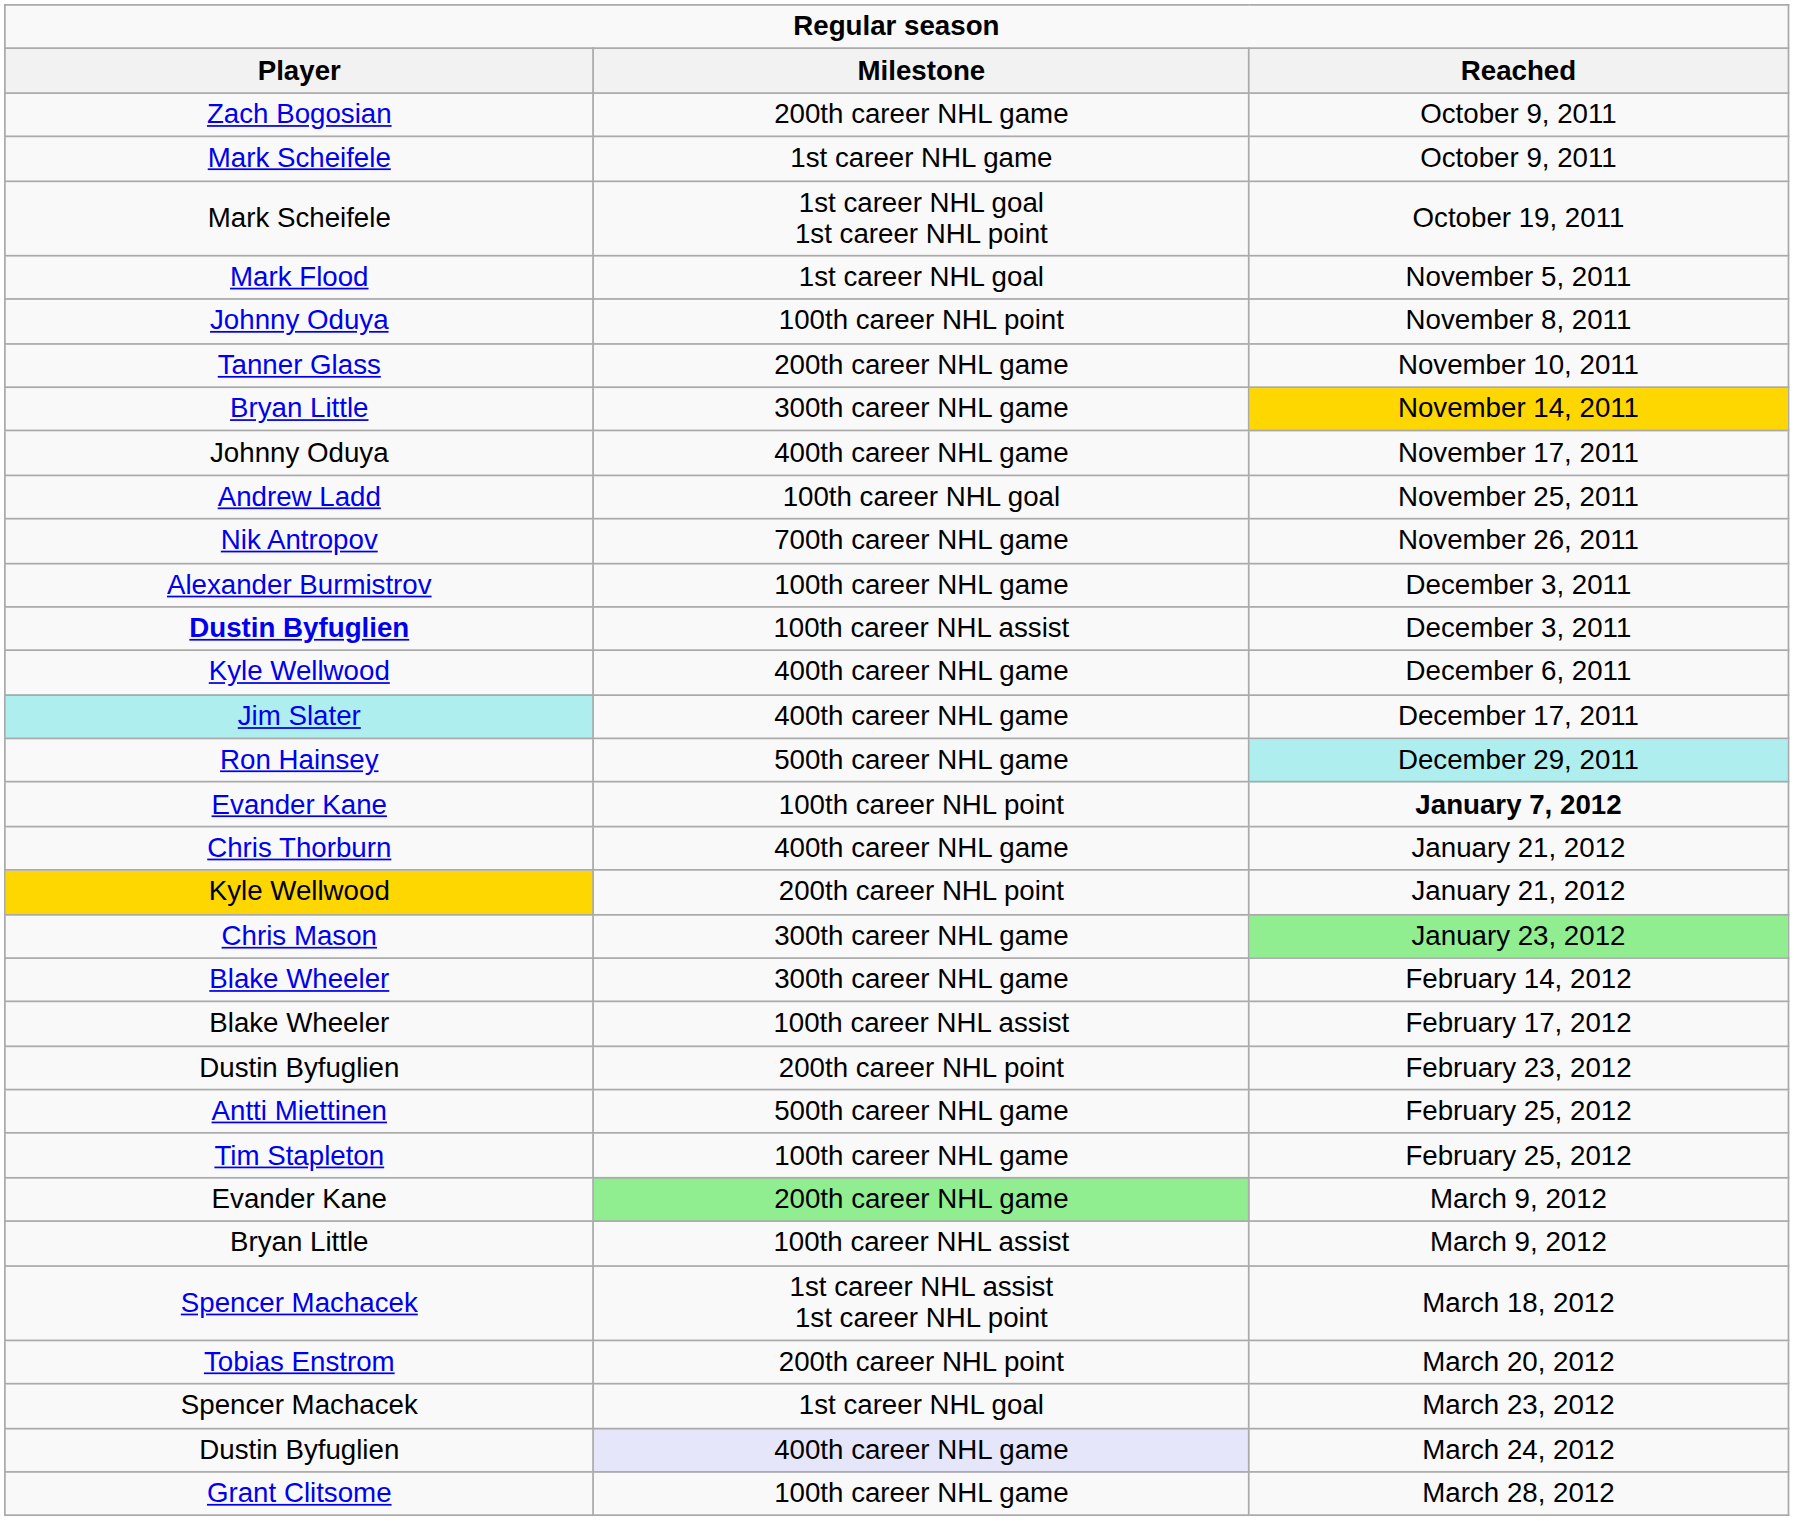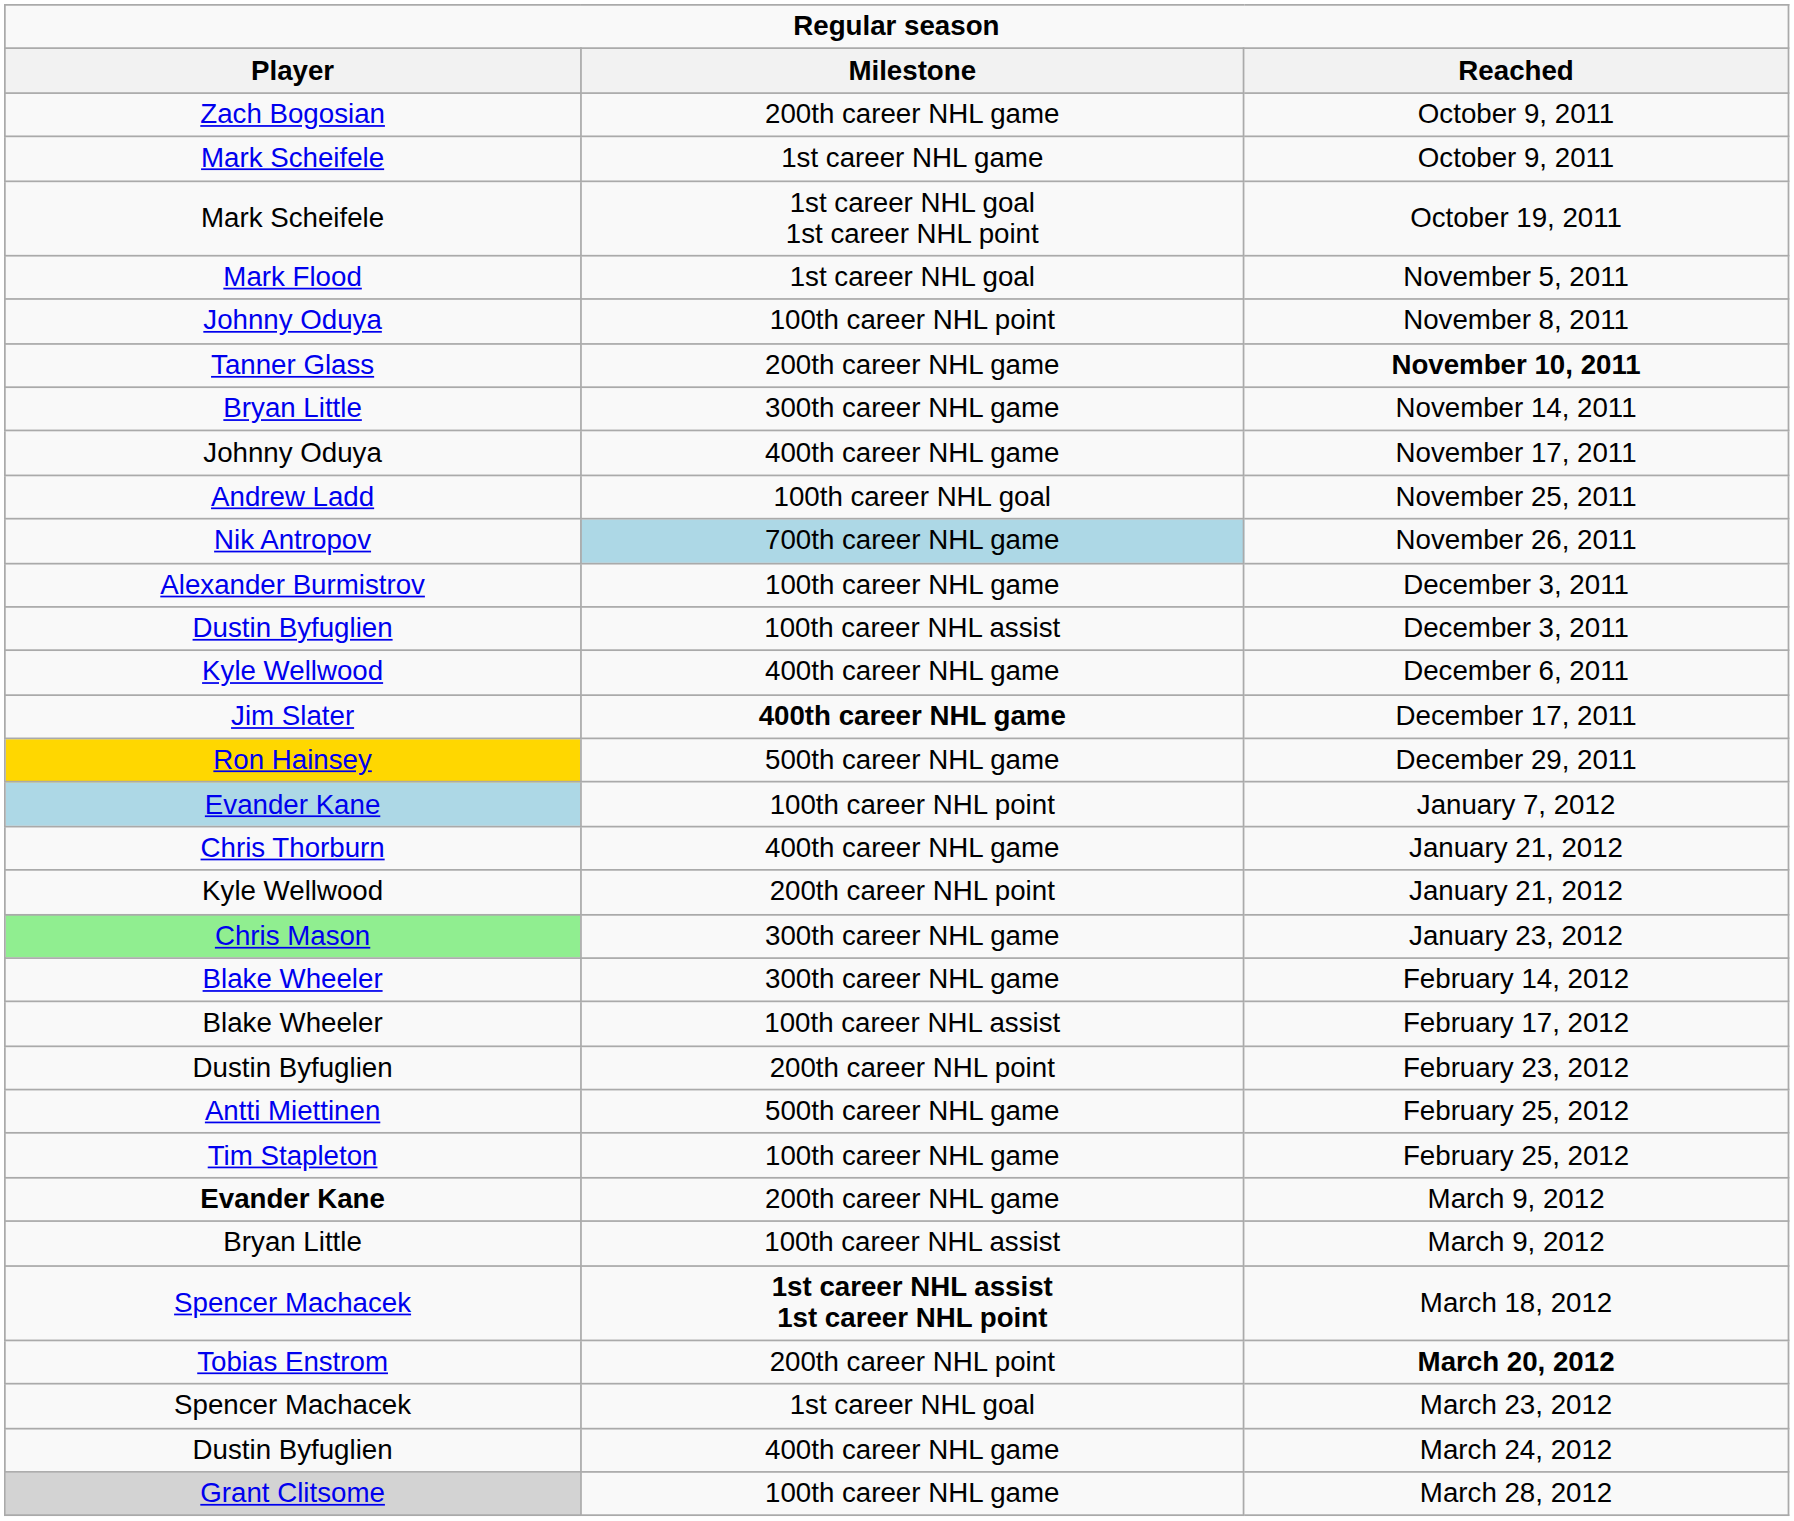 <table class="wikitable" width="52%" style="text-align:center">
 <tr>
 <td colspan="10" align="center"><strong>Regular season</strong></td>
 </tr>
 <tr>
 <th>Player</th>
 <th>Milestone</th>
 <th>Reached</th>
 </tr>
 <tr>
 <td><a href='#'>Zach Bogosian</a></td>
 <td>200th career NHL game</td>
 <td>October 9, 2011</td>
 </tr>
 <tr>
 <td><a href='#'>Mark Scheifele</a></td>
 <td>1st career NHL game</td>
 <td>October 9, 2011</td>
 </tr>
 <tr>
 <td>Mark Scheifele</td>
 <td>1st career NHL goal<br>1st career NHL point</td>
 <td>October 19, 2011</td>
 </tr>
 <tr>
 <td><a href='#'>Mark Flood</a></td>
 <td>1st career NHL goal</td>
 <td>November 5, 2011</td>
 </tr>
 <tr>
 <td><a href='#'>Johnny Oduya</a></td>
 <td>100th career NHL point</td>
 <td>November 8, 2011</td>
 </tr>
 <tr>
 <td><a href='#'>Tanner Glass</a></td>
 <td>200th career NHL game</td>
-<td>November 10, 2011</td>
+<td><strong>November 10, 2011</strong></td>
 </tr>
 <tr>
 <td><a href='#'>Bryan Little</a></td>
 <td>300th career NHL game</td>
-<td style="background: gold;">November 14, 2011</td>
+<td>November 14, 2011</td>
 </tr>
 <tr>
 <td>Johnny Oduya</td>
 <td>400th career NHL game</td>
 <td>November 17, 2011</td>
 </tr>
 <tr>
 <td><a href='#'>Andrew Ladd</a></td>
 <td>100th career NHL goal</td>
 <td>November 25, 2011</td>
 </tr>
 <tr>
 <td><a href='#'>Nik Antropov</a></td>
-<td>700th career NHL game</td>
+<td style="background: lightblue;">700th career NHL game</td>
 <td>November 26, 2011</td>
 </tr>
 <tr>
 <td><a href='#'>Alexander Burmistrov</a></td>
 <td>100th career NHL game</td>
 <td>December 3, 2011</td>
 </tr>
 <tr>
-<td><strong><a href='#'>Dustin Byfuglien</a></strong></td>
+<td><a href='#'>Dustin Byfuglien</a></td>
 <td>100th career NHL assist</td>
 <td>December 3, 2011</td>
 </tr>
 <tr>
 <td><a href='#'>Kyle Wellwood</a></td>
 <td>400th career NHL game</td>
 <td>December 6, 2011</td>
 </tr>
 <tr>
-<td style="background: paleturquoise;"><a href='#'>Jim Slater</a></td>
-<td>400th career NHL game</td>
+<td><a href='#'>Jim Slater</a></td>
+<td><strong>400th career NHL game</strong></td>
 <td>December 17, 2011</td>
 </tr>
 <tr>
-<td><a href='#'>Ron Hainsey</a></td>
+<td style="background: gold;"><a href='#'>Ron Hainsey</a></td>
 <td>500th career NHL game</td>
-<td style="background: paleturquoise;">December 29, 2011</td>
+<td>December 29, 2011</td>
 </tr>
 <tr>
-<td><a href='#'>Evander Kane</a></td>
+<td style="background: lightblue;"><a href='#'>Evander Kane</a></td>
 <td>100th career NHL point</td>
-<td><strong>January 7, 2012</strong></td>
+<td>January 7, 2012</td>
 </tr>
 <tr>
 <td><a href='#'>Chris Thorburn</a></td>
 <td>400th career NHL game</td>
 <td>January 21, 2012</td>
 </tr>
 <tr>
-<td style="background: gold;">Kyle Wellwood</td>
+<td>Kyle Wellwood</td>
 <td>200th career NHL point</td>
 <td>January 21, 2012</td>
 </tr>
 <tr>
-<td><a href='#'>Chris Mason</a></td>
+<td style="background: lightgreen;"><a href='#'>Chris Mason</a></td>
 <td>300th career NHL game</td>
-<td style="background: lightgreen;">January 23, 2012</td>
+<td>January 23, 2012</td>
 </tr>
 <tr>
 <td><a href='#'>Blake Wheeler</a></td>
 <td>300th career NHL game</td>
 <td>February 14, 2012</td>
 </tr>
 <tr>
 <td>Blake Wheeler</td>
 <td>100th career NHL assist</td>
 <td>February 17, 2012</td>
 </tr>
 <tr>
 <td>Dustin Byfuglien</td>
 <td>200th career NHL point</td>
 <td>February 23, 2012</td>
 </tr>
 <tr>
 <td><a href='#'>Antti Miettinen</a></td>
 <td>500th career NHL game</td>
 <td>February 25, 2012</td>
 </tr>
 <tr>
 <td><a href='#'>Tim Stapleton</a></td>
 <td>100th career NHL game</td>
 <td>February 25, 2012</td>
 </tr>
 <tr>
-<td>Evander Kane</td>
-<td style="background: lightgreen;">200th career NHL game</td>
+<td><strong>Evander Kane</strong></td>
+<td>200th career NHL game</td>
 <td>March 9, 2012</td>
 </tr>
 <tr>
 <td>Bryan Little</td>
 <td>100th career NHL assist</td>
 <td>March 9, 2012</td>
 </tr>
 <tr>
 <td><a href='#'>Spencer Machacek</a></td>
-<td>1st career NHL assist<br>1st career NHL point</td>
+<td><strong>1st career NHL assist<br>1st career NHL point</strong></td>
 <td>March 18, 2012</td>
 </tr>
 <tr>
 <td><a href='#'>Tobias Enstrom</a></td>
 <td>200th career NHL point</td>
-<td>March 20, 2012</td>
+<td><strong>March 20, 2012</strong></td>
 </tr>
 <tr>
 <td>Spencer Machacek</td>
 <td>1st career NHL goal</td>
 <td>March 23, 2012</td>
 </tr>
 <tr>
 <td>Dustin Byfuglien</td>
-<td style="background: lavender;">400th career NHL game</td>
+<td>400th career NHL game</td>
 <td>March 24, 2012</td>
 </tr>
 <tr>
-<td><a href='#'>Grant Clitsome</a></td>
+<td style="background: lightgrey;"><a href='#'>Grant Clitsome</a></td>
 <td>100th career NHL game</td>
 <td>March 28, 2012</td>
 </tr>
 </table>
